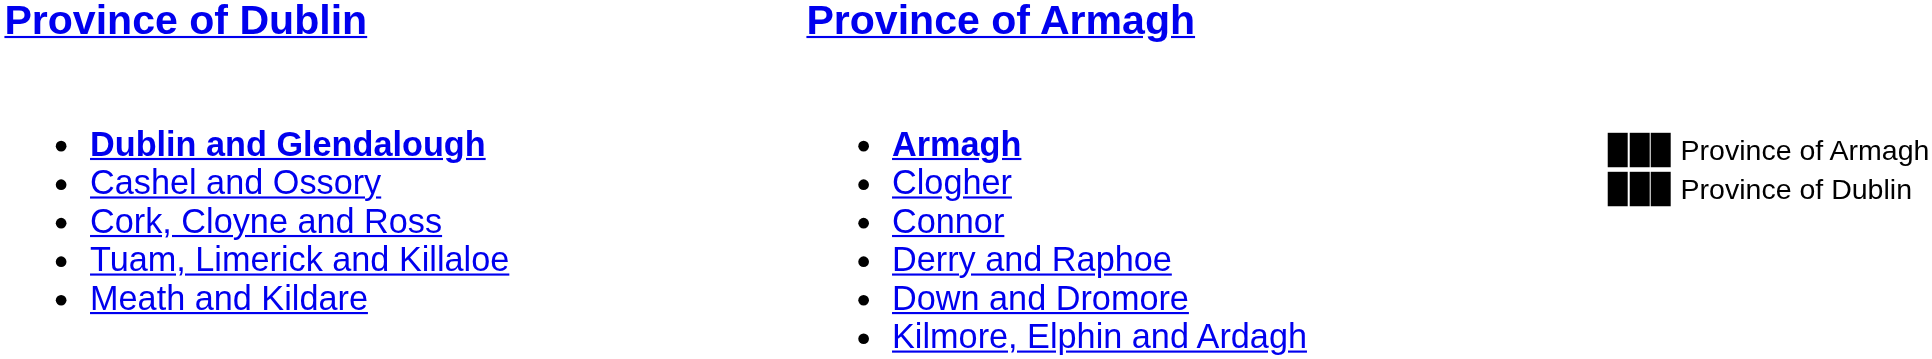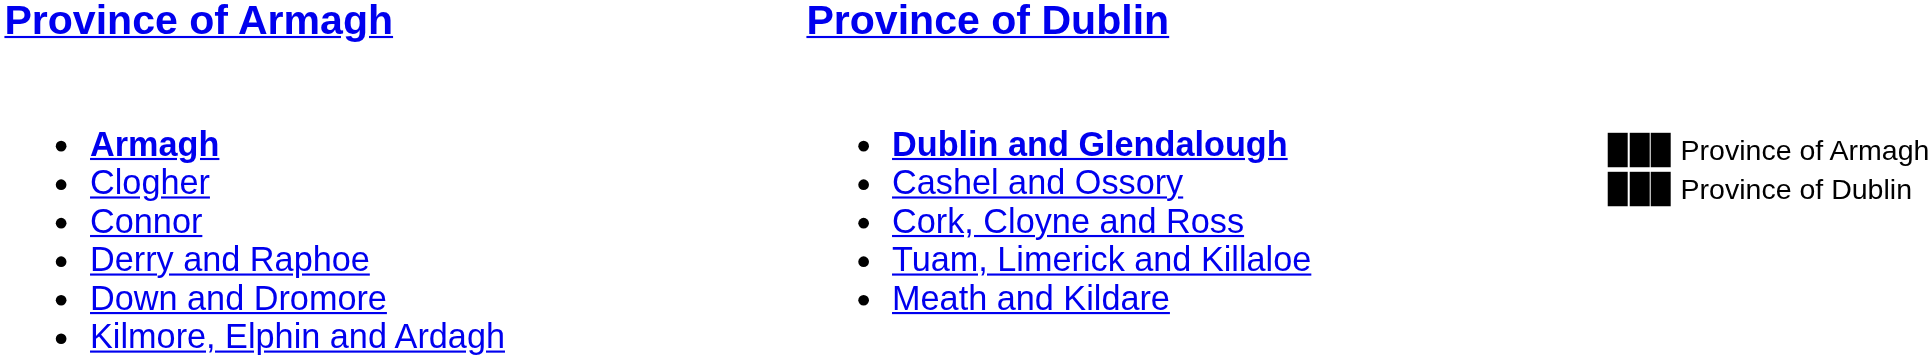 <table style="width:90%">
 <tr>
+<th style="text-align:left;"><big><a href='#'>Province of Armagh</a></big></th>
 <th style="text-align:left"><big><a href='#'>Province of Dublin</a></big></th>
-<th style="text-align:left;"><big><a href='#'>Province of Armagh</a></big></th>
 <th></th>
 </tr>
 <tr>
+<td valign="top" width="33%"><br><ul><li><strong><a href='#'>Armagh</a></strong></li><li><a href='#'>Clogher</a></li><li><a href='#'>Connor</a></li><li><a href='#'>Derry and Raphoe</a></li><li><a href='#'>Down and Dromore</a></li><li><a href='#'>Kilmore, Elphin and Ardagh</a></li></ul></td>
 <td valign="top"  width="33%"><br><ul><li><strong><a href='#'>Dublin and Glendalough</a></strong></li><li><a href='#'>Cashel and Ossory</a></li><li><a href='#'>Cork, Cloyne and Ross</a></li><li><a href='#'>Tuam, Limerick and Killaloe</a></li><li><a href='#'>Meath and Kildare</a></li></ul></td>
-<td valign="top" width="33%"><br><ul><li><strong><a href='#'>Armagh</a></strong></li><li><a href='#'>Clogher</a></li><li><a href='#'>Connor</a></li><li><a href='#'>Derry and Raphoe</a></li><li><a href='#'>Down and Dromore</a></li><li><a href='#'>Kilmore, Elphin and Ardagh</a></li></ul></td>
 <td valign="top"><br><br><small><span>▉</span><span>▉</span><span>▉</span> Province of Armagh<br> <span>▉</span><span>▉</span><span>▉</span> Province of Dublin<br></small></td>
 </tr>
 </table>
